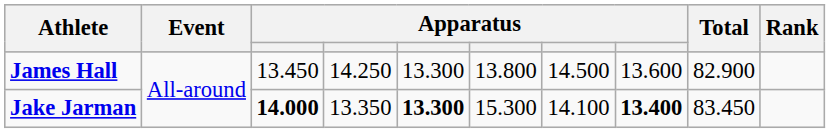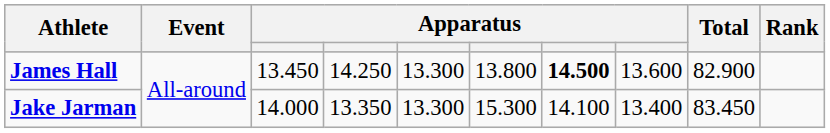 <table class=wikitable style=font-size:90%;text-align:center>
 <tr>
 <th rowspan=2>Athlete</th>
 <th rowspan=2>Event</th>
 <th colspan=6>Apparatus</th>
 <th rowspan=2>Total</th>
 <th rowspan=2>Rank</th>
 </tr>
 <tr style=font-size:95%>
 <th></th>
 <th></th>
 <th></th>
 <th></th>
 <th></th>
 <th></th>
 </tr>
 <tr>
 <td align=left><strong><a href='#'>James Hall</a></strong></td>
 <td align=left rowspan=2><a href='#'>All-around</a></td>
 <td>13.450</td>
 <td>14.250</td>
 <td>13.300</td>
 <td>13.800</td>
-<td>14.500</td>
+<td><strong>14.500</strong></td>
 <td>13.600</td>
 <td>82.900</td>
 <td></td>
 </tr>
 <tr>
 <td align=left><strong><a href='#'>Jake Jarman</a></strong></td>
-<td><strong>14.000</strong></td>
+<td>14.000</td>
 <td>13.350</td>
-<td><strong>13.300</strong></td>
+<td>13.300</td>
 <td>15.300</td>
 <td>14.100</td>
-<td><strong>13.400</strong></td>
+<td>13.400</td>
 <td>83.450</td>
 <td></td>
 </tr>
 </table>
